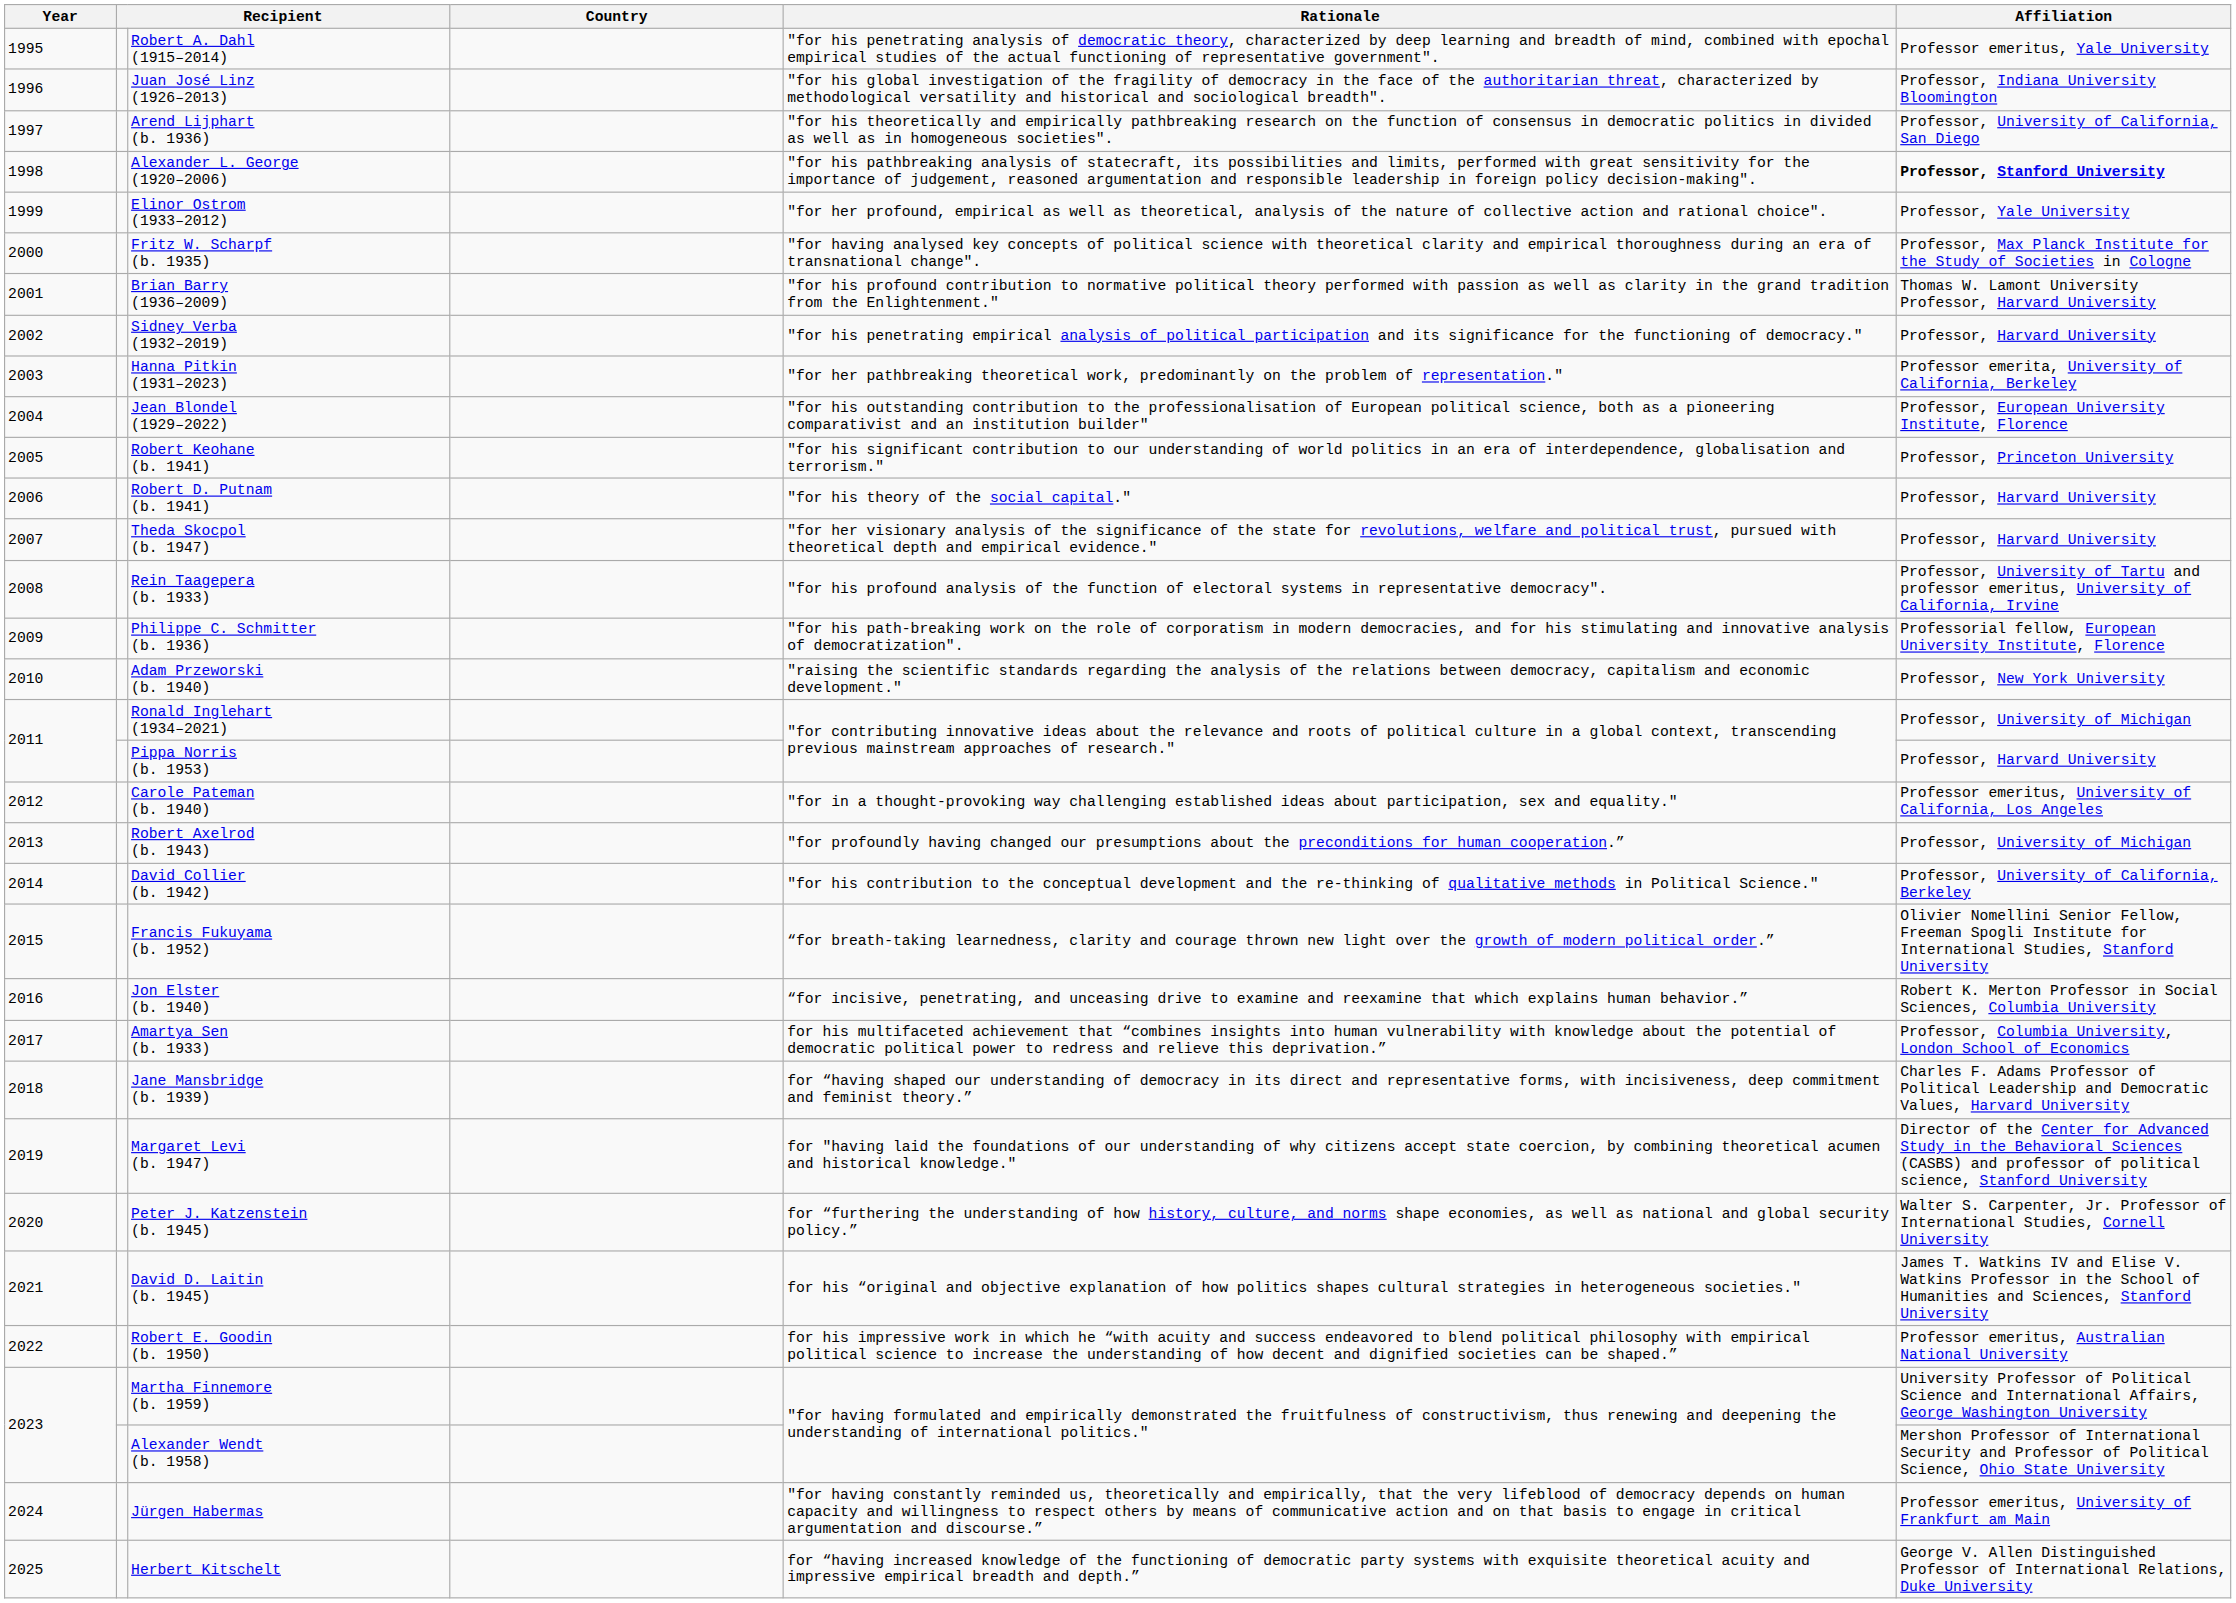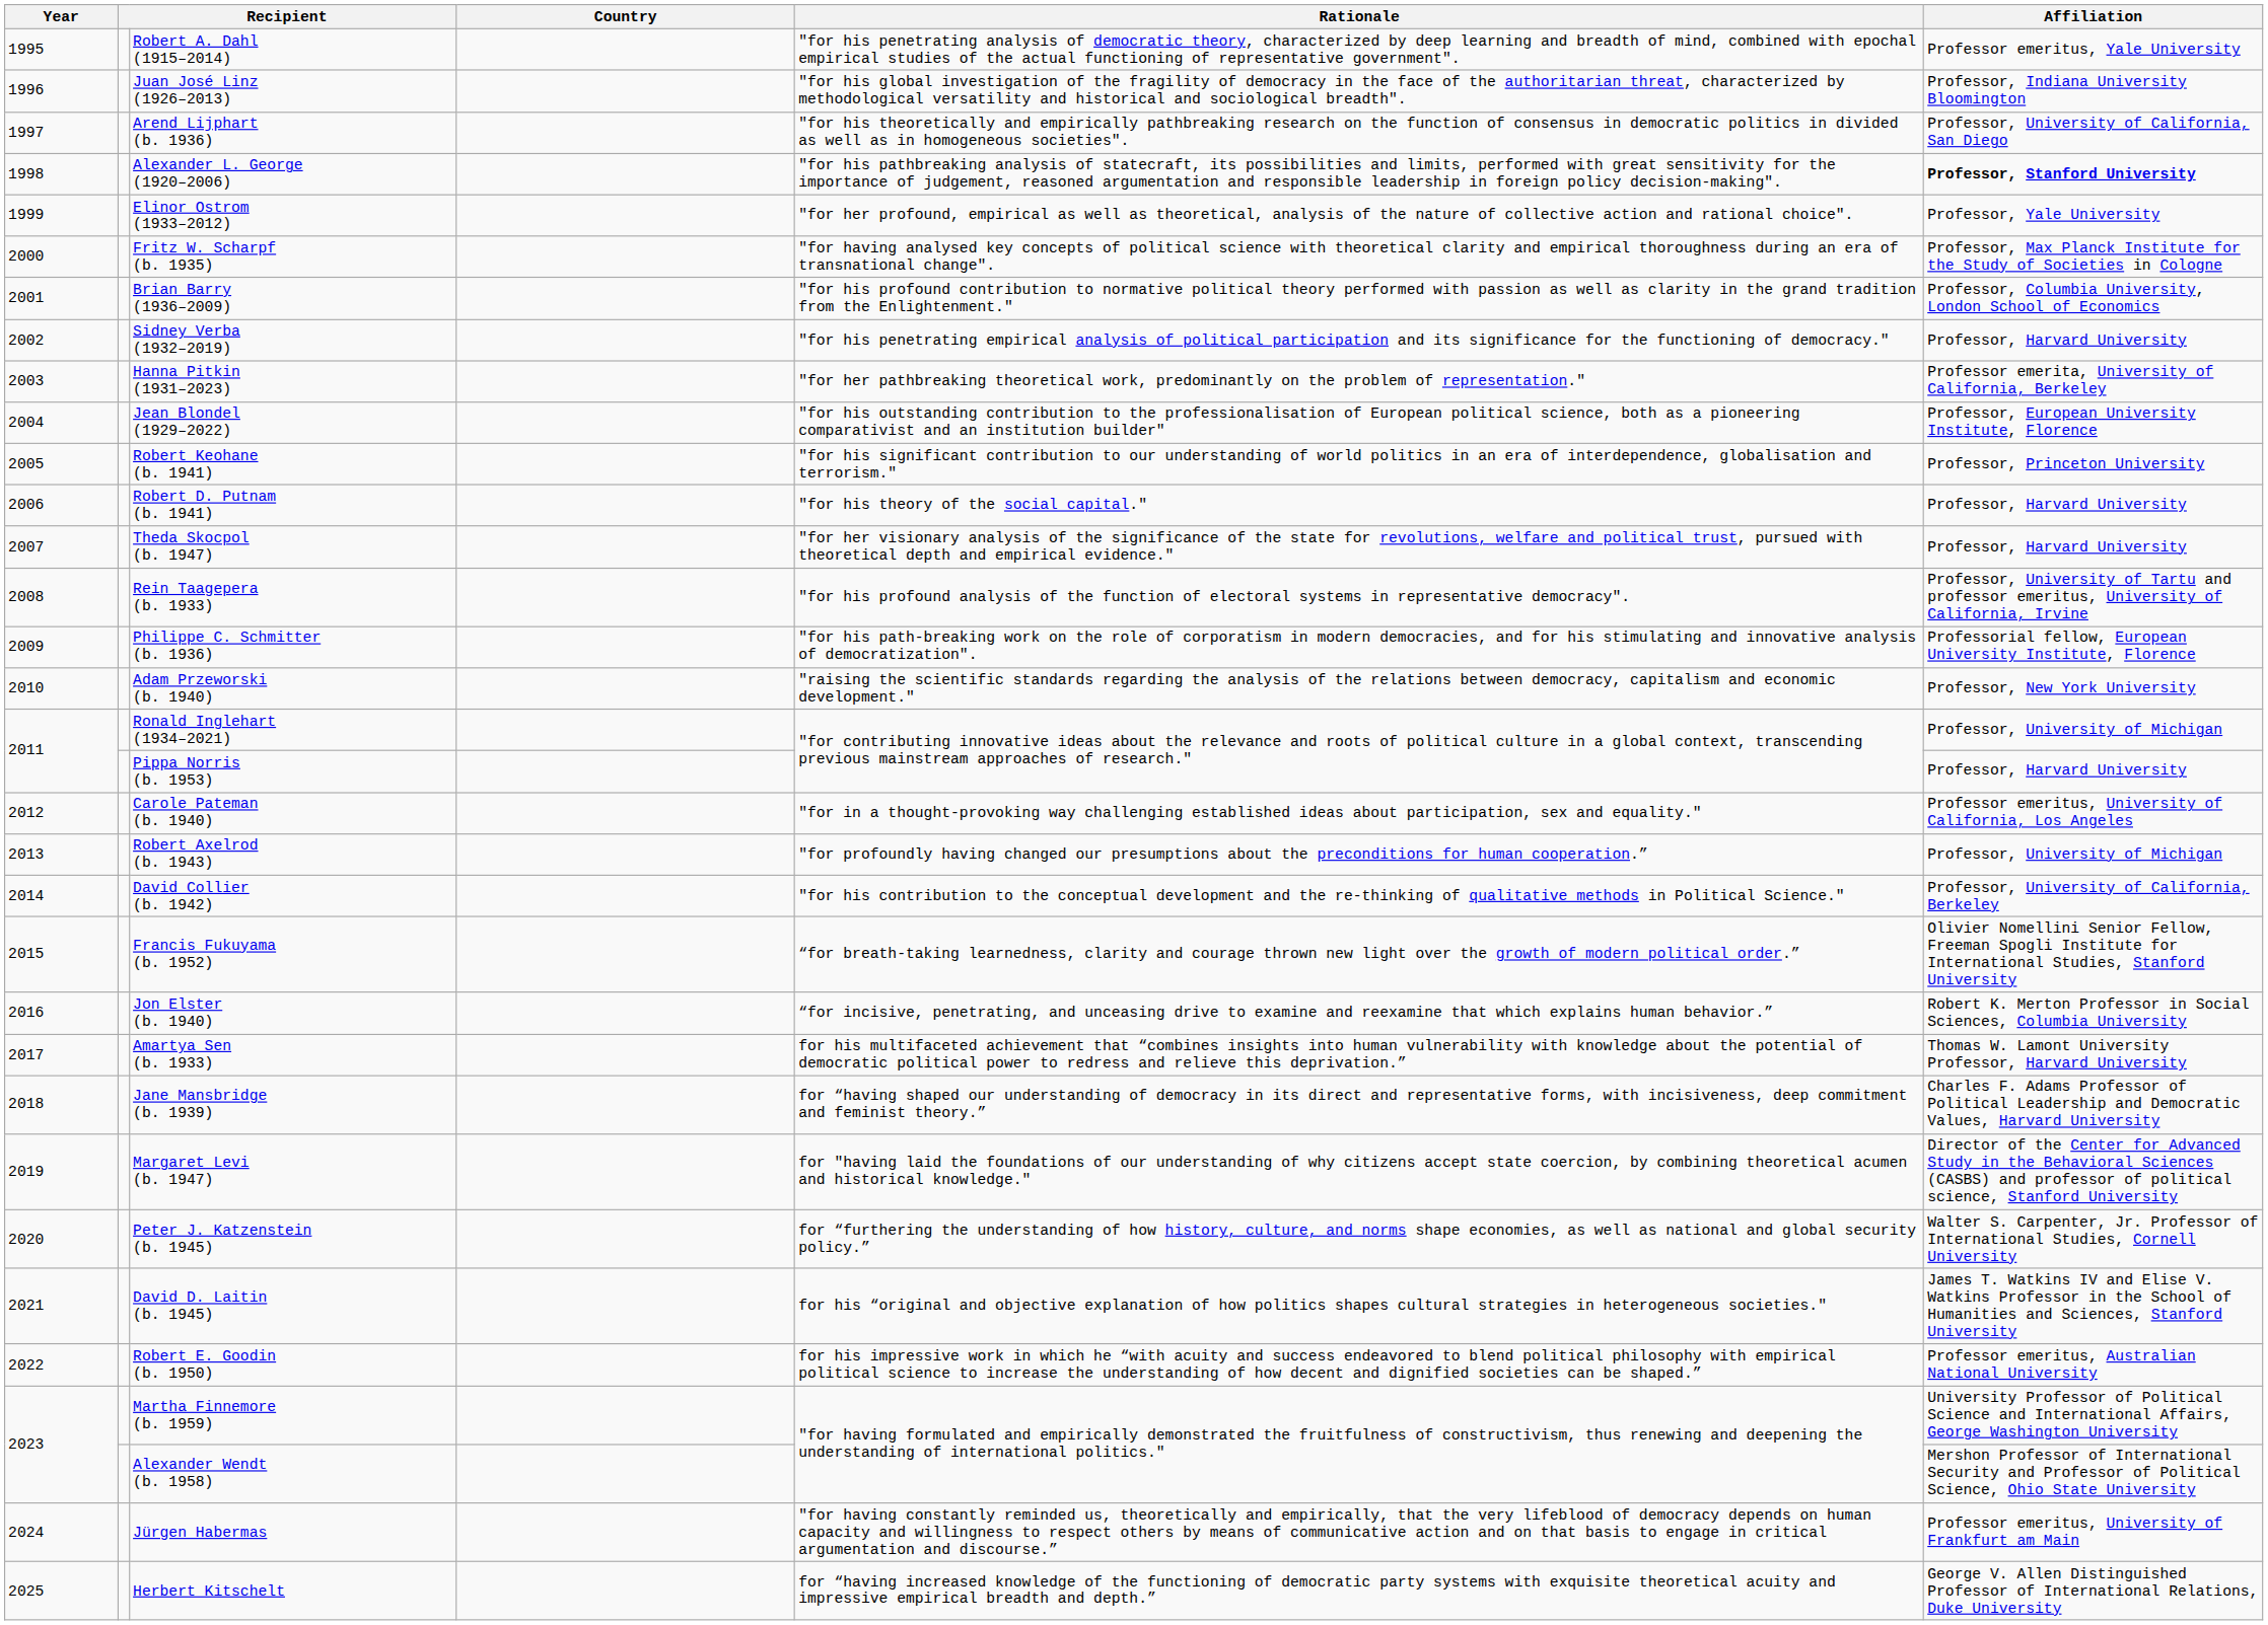 <table class="wikitable sortable" align="center">
 <tr>
 <th width="5%">Year</th>
 <th colspan=2 width="15%">Recipient</th>
 <th width="15%">Country</th>
 <th width="50%">Rationale</th>
 <th width="15%">Affiliation</th>
 </tr>
 <tr>
 <td>1995</td>
 <td></td>
 <td><a href='#'>Robert A. Dahl</a><br>(1915–2014)</td>
 <td></td>
 <td>"for his penetrating analysis of <a href='#'>democratic theory</a>, characterized by deep learning and breadth of mind, combined with epochal empirical studies of the actual functioning of representative government".</td>
 <td>Professor emeritus, <a href='#'>Yale University</a></td>
 </tr>
 <tr>
 <td>1996</td>
 <td></td>
 <td><a href='#'>Juan José Linz</a><br>(1926–2013)</td>
 <td><br><br></td>
 <td>"for his global investigation of the fragility of democracy in the face of the <a href='#'>authoritarian threat</a>, characterized by methodological versatility and historical and sociological breadth".</td>
 <td>Professor, <a href='#'>Indiana University Bloomington</a></td>
 </tr>
 <tr>
 <td>1997</td>
 <td></td>
 <td><a href='#'>Arend Lijphart</a><br>(b. 1936)</td>
 <td><br><br></td>
 <td>"for his theoretically and empirically pathbreaking research on the function of consensus in democratic politics in divided as well as in homogeneous societies".</td>
 <td>Professor, <a href='#'>University of California, San Diego</a></td>
 </tr>
 <tr>
 <td>1998</td>
 <td></td>
 <td><a href='#'>Alexander L. George</a><br>(1920–2006)</td>
 <td></td>
 <td>"for his pathbreaking analysis of statecraft, its possibilities and limits, performed with great sensitivity for the importance of judgement, reasoned argumentation and responsible leadership in foreign policy decision-making".</td>
 <td><strong>Professor, <a href='#'>Stanford University</a></strong></td>
 </tr>
 <tr>
 <td>1999</td>
 <td></td>
 <td><a href='#'>Elinor Ostrom</a><br>(1933–2012)</td>
 <td></td>
 <td>"for her profound, empirical as well as theoretical, analysis of the nature of collective action and rational choice".</td>
 <td>Professor, <a href='#'>Yale University</a></td>
 </tr>
 <tr>
 <td>2000</td>
 <td></td>
 <td><a href='#'>Fritz W. Scharpf</a><br>(b. 1935)</td>
 <td></td>
 <td>"for having analysed key concepts of political science with theoretical clarity and empirical thoroughness during an era of transnational change".</td>
 <td>Professor, <a href='#'>Max Planck Institute for the Study of Societies</a> in <a href='#'>Cologne</a></td>
 </tr>
 <tr>
 <td>2001</td>
 <td></td>
 <td><a href='#'>Brian Barry</a><br>(1936–2009)</td>
 <td><br></td>
 <td>"for his profound contribution to normative political theory performed with passion as well as clarity in the grand tradition from the Enlightenment."</td>
-<td>Thomas W. Lamont University Professor, <a href='#'>Harvard University</a></td>
+<td>Professor, <a href='#'>Columbia University</a>, <a href='#'>London School of Economics</a></td>
 </tr>
 <tr>
 <td>2002</td>
 <td></td>
 <td><a href='#'>Sidney Verba</a><br>(1932–2019)</td>
 <td></td>
 <td>"for his penetrating empirical <a href='#'>analysis of political participation</a> and its significance for the functioning of democracy."</td>
 <td>Professor, <a href='#'>Harvard University</a></td>
 </tr>
 <tr>
 <td>2003</td>
 <td></td>
 <td><a href='#'>Hanna Pitkin</a><br>(1931–2023)</td>
 <td><br></td>
 <td>"for her pathbreaking theoretical work, predominantly on the problem of <a href='#'>representation</a>."</td>
 <td>Professor emerita, <a href='#'>University of California, Berkeley</a></td>
 </tr>
 <tr>
 <td>2004</td>
 <td></td>
 <td><a href='#'>Jean Blondel</a><br>(1929–2022)</td>
 <td></td>
 <td>"for his outstanding contribution to the professionalisation of European political science, both as a pioneering comparativist and an institution builder"</td>
 <td>Professor, <a href='#'>European University Institute</a>, <a href='#'>Florence</a></td>
 </tr>
 <tr>
 <td>2005</td>
 <td></td>
 <td><a href='#'>Robert Keohane</a><br>(b. 1941)</td>
 <td></td>
 <td>"for his significant contribution to our understanding of world politics in an era of interdependence, globalisation and terrorism."</td>
 <td>Professor, <a href='#'>Princeton University</a></td>
 </tr>
 <tr>
 <td>2006</td>
 <td></td>
 <td><a href='#'>Robert D. Putnam</a><br>(b. 1941)</td>
 <td></td>
 <td>"for his theory of the <a href='#'>social capital</a>."</td>
 <td>Professor, <a href='#'>Harvard University</a></td>
 </tr>
 <tr>
 <td>2007</td>
 <td></td>
 <td><a href='#'>Theda Skocpol</a><br>(b. 1947)</td>
 <td></td>
 <td>"for her visionary analysis of the significance of the state for <a href='#'>revolutions, welfare and political trust</a>, pursued with theoretical depth and empirical evidence."</td>
 <td>Professor, <a href='#'>Harvard University</a></td>
 </tr>
 <tr>
 <td>2008</td>
 <td></td>
 <td><a href='#'>Rein Taagepera</a><br>(b. 1933)</td>
 <td><br></td>
 <td>"for his profound analysis of the function of electoral systems in representative democracy".</td>
 <td>Professor, <a href='#'>University of Tartu</a> and professor emeritus, <a href='#'>University of California, Irvine</a></td>
 </tr>
 <tr>
 <td>2009</td>
 <td></td>
 <td><a href='#'>Philippe C. Schmitter</a><br>(b. 1936)</td>
 <td></td>
 <td>"for his path-breaking work on the role of corporatism in modern democracies, and for his stimulating and innovative analysis of democratization".</td>
 <td>Professorial fellow, <a href='#'>European University Institute</a>, <a href='#'>Florence</a></td>
 </tr>
 <tr>
 <td>2010</td>
 <td></td>
 <td><a href='#'>Adam Przeworski</a><br>(b. 1940)</td>
 <td><br></td>
 <td>"raising the scientific standards regarding the analysis of the relations between democracy, capitalism and economic development."</td>
 <td>Professor, <a href='#'>New York University</a></td>
 </tr>
 <tr>
 <td rowspan=2>2011</td>
 <td></td>
 <td><a href='#'>Ronald Inglehart</a><br>(1934–2021)</td>
 <td></td>
 <td rowspan=2>"for contributing innovative ideas about the relevance and roots of political culture in a global context, transcending previous mainstream approaches of research."</td>
 <td>Professor, <a href='#'>University of Michigan</a></td>
 </tr>
 <tr>
 <td></td>
 <td><a href='#'>Pippa Norris</a><br>(b. 1953)</td>
 <td><br></td>
 <td>Professor, <a href='#'>Harvard University</a></td>
 </tr>
 <tr>
 <td>2012</td>
 <td></td>
 <td><a href='#'>Carole Pateman</a><br>(b. 1940)</td>
 <td><br></td>
 <td>"for in a thought-provoking way challenging established ideas about participation, sex and equality."</td>
 <td>Professor emeritus, <a href='#'>University of California, Los Angeles</a></td>
 </tr>
 <tr>
 <td>2013</td>
 <td></td>
 <td><a href='#'>Robert Axelrod</a><br>(b. 1943)</td>
 <td></td>
 <td>"for profoundly having changed our presumptions about the <a href='#'>preconditions for human cooperation</a>.”</td>
 <td>Professor, <a href='#'>University of Michigan</a></td>
 </tr>
 <tr>
 <td>2014</td>
 <td></td>
 <td><a href='#'>David Collier</a><br>(b. 1942)</td>
 <td></td>
 <td>"for his contribution to the conceptual development and the re-thinking of <a href='#'>qualitative methods</a> in Political Science."</td>
 <td>Professor, <a href='#'>University of California, Berkeley</a></td>
 </tr>
 <tr>
 <td>2015</td>
 <td></td>
 <td><a href='#'>Francis Fukuyama</a><br>(b. 1952)</td>
 <td></td>
 <td>“for breath-taking learnedness, clarity and courage thrown new light over the <a href='#'>growth of modern political order</a>.”</td>
 <td>Olivier Nomellini Senior Fellow, Freeman Spogli Institute for International Studies, <a href='#'>Stanford University</a></td>
 </tr>
 <tr>
 <td>2016</td>
 <td></td>
 <td><a href='#'>Jon Elster</a><br>(b. 1940)</td>
 <td></td>
 <td>“for incisive, penetrating, and unceasing drive to examine and reexamine that which explains human behavior.”</td>
 <td>Robert K. Merton Professor in Social Sciences, <a href='#'>Columbia University</a></td>
 </tr>
 <tr>
 <td>2017</td>
 <td></td>
 <td><a href='#'>Amartya Sen</a><br>(b. 1933)</td>
 <td></td>
 <td>for his multifaceted achievement that “combines insights into human vulnerability with knowledge about the potential of democratic political power to redress and relieve this deprivation.”</td>
-<td>Professor, <a href='#'>Columbia University</a>, <a href='#'>London School of Economics</a></td>
+<td>Thomas W. Lamont University Professor, <a href='#'>Harvard University</a></td>
 </tr>
 <tr>
 <td>2018</td>
 <td></td>
 <td><a href='#'>Jane Mansbridge</a><br>(b. 1939)</td>
 <td></td>
 <td>for “having shaped our understanding of democracy in its direct and representative forms, with incisiveness, deep commitment and feminist theory.”</td>
 <td>Charles F. Adams Professor of Political Leadership and Democratic Values, <a href='#'>Harvard University</a></td>
 </tr>
 <tr>
 <td>2019</td>
 <td></td>
 <td><a href='#'>Margaret Levi</a><br>(b. 1947)</td>
 <td></td>
 <td>for "having laid the foundations of our understanding of why citizens accept state coercion, by combining theoretical acumen and historical knowledge."</td>
 <td>Director of the <a href='#'>Center for Advanced Study in the Behavioral Sciences</a> (CASBS) and professor of political science, <a href='#'>Stanford University</a></td>
 </tr>
 <tr>
 <td>2020</td>
 <td></td>
 <td><a href='#'>Peter J. Katzenstein</a><br>(b. 1945)</td>
 <td><br></td>
 <td>for “furthering the understanding of how <a href='#'>history, culture, and norms</a> shape economies, as well as national and global security policy.”</td>
 <td>Walter S. Carpenter, Jr. Professor of International Studies, <a href='#'>Cornell University</a></td>
 </tr>
 <tr>
 <td>2021</td>
 <td></td>
 <td><a href='#'>David D. Laitin</a><br>(b. 1945)</td>
 <td></td>
 <td>for his “original and objective explanation of how politics shapes cultural strategies in heterogeneous societies."</td>
 <td>James T. Watkins IV and Elise V. Watkins Professor in the School of Humanities and Sciences, <a href='#'>Stanford University</a></td>
 </tr>
 <tr>
 <td>2022</td>
 <td></td>
 <td><a href='#'>Robert E. Goodin</a><br>(b. 1950)</td>
 <td><br></td>
 <td>for his impressive work in which he “with acuity and success endeavored to blend political philosophy with empirical political science to increase the understanding of how decent and dignified societies can be shaped.”</td>
 <td>Professor emeritus, <a href='#'>Australian National University</a></td>
 </tr>
 <tr>
 <td rowspan=2>2023</td>
 <td></td>
 <td><a href='#'>Martha Finnemore</a><br>(b. 1959)</td>
 <td></td>
 <td rowspan=2>"for having formulated and empirically demonstrated the fruitfulness of constructivism, thus renewing and deepening the understanding of international politics."</td>
 <td>University Professor of Political Science and International Affairs, <a href='#'>George Washington University</a></td>
 </tr>
 <tr>
 <td></td>
 <td><a href='#'>Alexander Wendt</a><br>(b. 1958)</td>
 <td></td>
 <td>Mershon Professor of International Security and Professor of Political Science, <a href='#'>Ohio State University</a></td>
 </tr>
 <tr>
 <td>2024</td>
 <td></td>
 <td><a href='#'>Jürgen Habermas</a></td>
 <td></td>
 <td>"for having constantly reminded us, theoretically and empirically, that the very lifeblood of democracy depends on human capacity and willingness to respect others by means of communicative action and on that basis to engage in critical argumentation and discourse.”</td>
 <td>Professor emeritus, <a href='#'>University of Frankfurt am Main</a></td>
 </tr>
 <tr>
 <td>2025</td>
 <td></td>
 <td><a href='#'>Herbert Kitschelt</a></td>
 <td><br></td>
 <td>for “having increased knowledge of the functioning of democratic party systems with exquisite theoretical acuity and impressive empirical breadth and depth.”</td>
 <td>George V. Allen Distinguished Professor of International Relations, <a href='#'>Duke University</a></td>
 </tr>
 </table>
